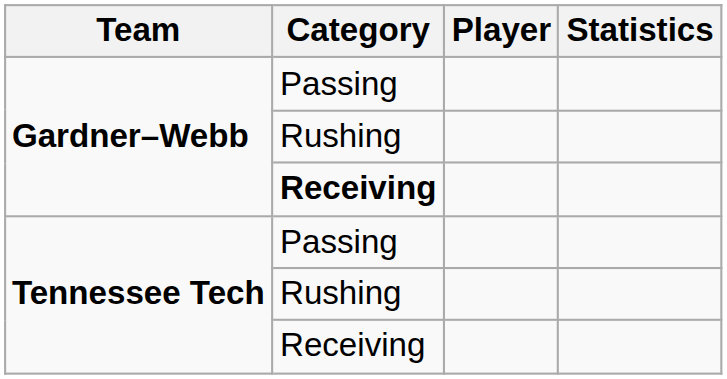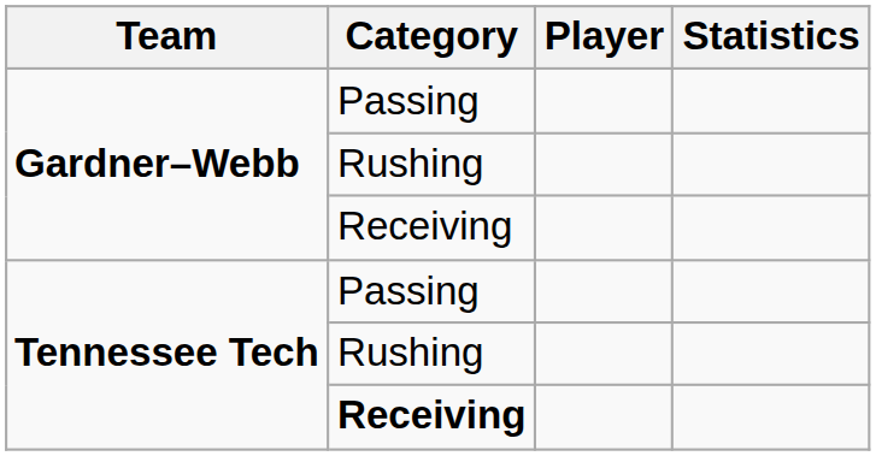 <table class="wikitable" style="float: right;">
 <tr>
 <th>Team</th>
 <th>Category</th>
 <th>Player</th>
 <th>Statistics</th>
 </tr>
 <tr>
 <td rowspan=3><strong>Gardner–Webb</strong></td>
 <td>Passing</td>
 <td></td>
 <td></td>
 </tr>
 <tr>
 <td>Rushing</td>
 <td></td>
 <td></td>
 </tr>
 <tr>
-<td><strong>Receiving</strong></td>
+<td>Receiving</td>
 <td></td>
 <td></td>
 </tr>
 <tr>
 <td rowspan=3><strong>Tennessee Tech</strong></td>
 <td>Passing</td>
 <td></td>
 <td></td>
 </tr>
 <tr>
 <td>Rushing</td>
 <td></td>
 <td></td>
 </tr>
 <tr>
-<td>Receiving</td>
+<td><strong>Receiving</strong></td>
 <td></td>
 <td></td>
 </tr>
 </table>
